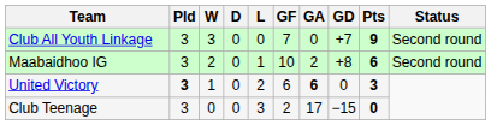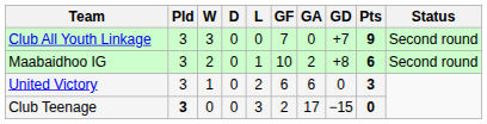 <table class="wikitable" style="text-align:center;">
 <tr>
 <th width=175>Team</th>
 <th width=20 abbr="Played">Pld</th>
 <th width=20 abbr="Won">W</th>
 <th width=20 abbr="Drawn">D</th>
 <th width=20 abbr="Lost">L</th>
 <th width=20 abbr="Goals for">GF</th>
 <th width=20 abbr="Goals against">GA</th>
 <th width=20 abbr="Goal difference">GD</th>
 <th width=20 abbr="Points">Pts</th>
 <th width=100 abbr="Status">Status</th>
 </tr>
 <tr bgcolor=#ccffcc>
 <td align=left><a href='#'>Club All Youth Linkage</a></td>
 <td>3</td>
 <td>3</td>
 <td>0</td>
 <td>0</td>
 <td>7</td>
 <td>0</td>
 <td>+7</td>
 <td><strong>9</strong></td>
 <td>Second round</td>
 </tr>
 <tr bgcolor=#ccffcc>
 <td align=left>Maabaidhoo IG</td>
 <td>3</td>
 <td>2</td>
 <td>0</td>
 <td>1</td>
 <td>10</td>
 <td>2</td>
 <td>+8</td>
 <td><strong>6</strong></td>
 <td>Second round</td>
 </tr>
 <tr bgcolor=#f5f5f5>
 <td align=left><a href='#'>United Victory</a></td>
-<td><strong>3</strong></td>
+<td>3</td>
 <td>1</td>
 <td>0</td>
 <td>2</td>
 <td>6</td>
-<td><strong>6</strong></td>
+<td>6</td>
 <td>0</td>
 <td><strong>3</strong></td>
 </tr>
 <tr bgcolor=#f5f5f5>
 <td align=left>Club Teenage</td>
-<td>3</td>
+<td><strong>3</strong></td>
 <td>0</td>
 <td>0</td>
 <td>3</td>
 <td>2</td>
 <td>17</td>
 <td>−15</td>
 <td><strong>0</strong></td>
 </tr>
 </table>
